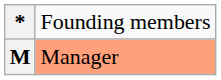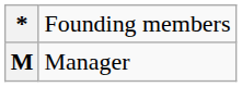 <table class="wikitable">
 <tr>
 <th>*</th>
 <td>Founding members</td>
 </tr>
 <tr>
 <th>M</th>
-<td style="background: lightsalmon;">Manager</td>
+<td>Manager</td>
 </tr>
 </table>
